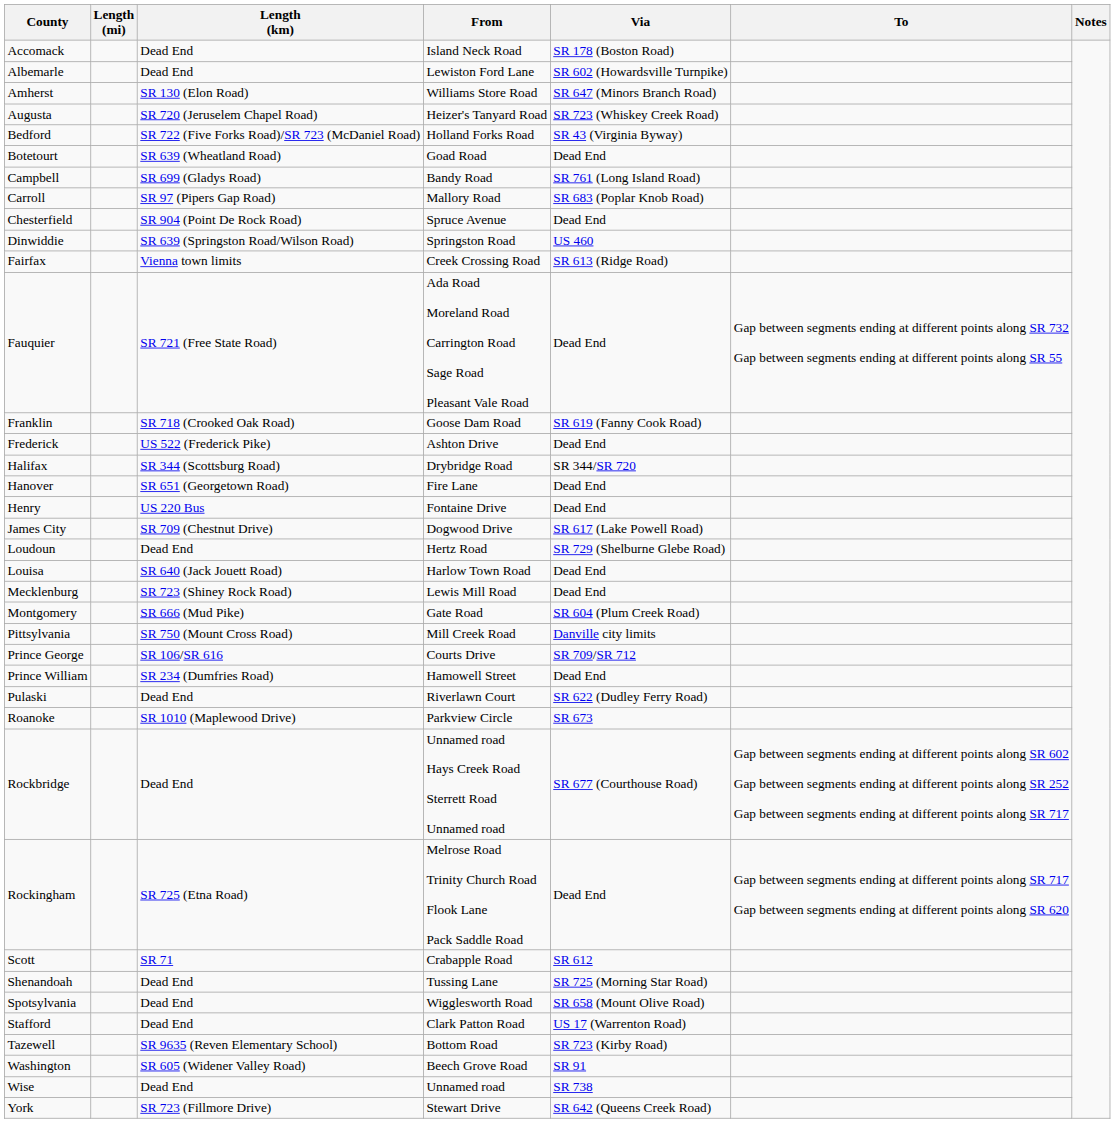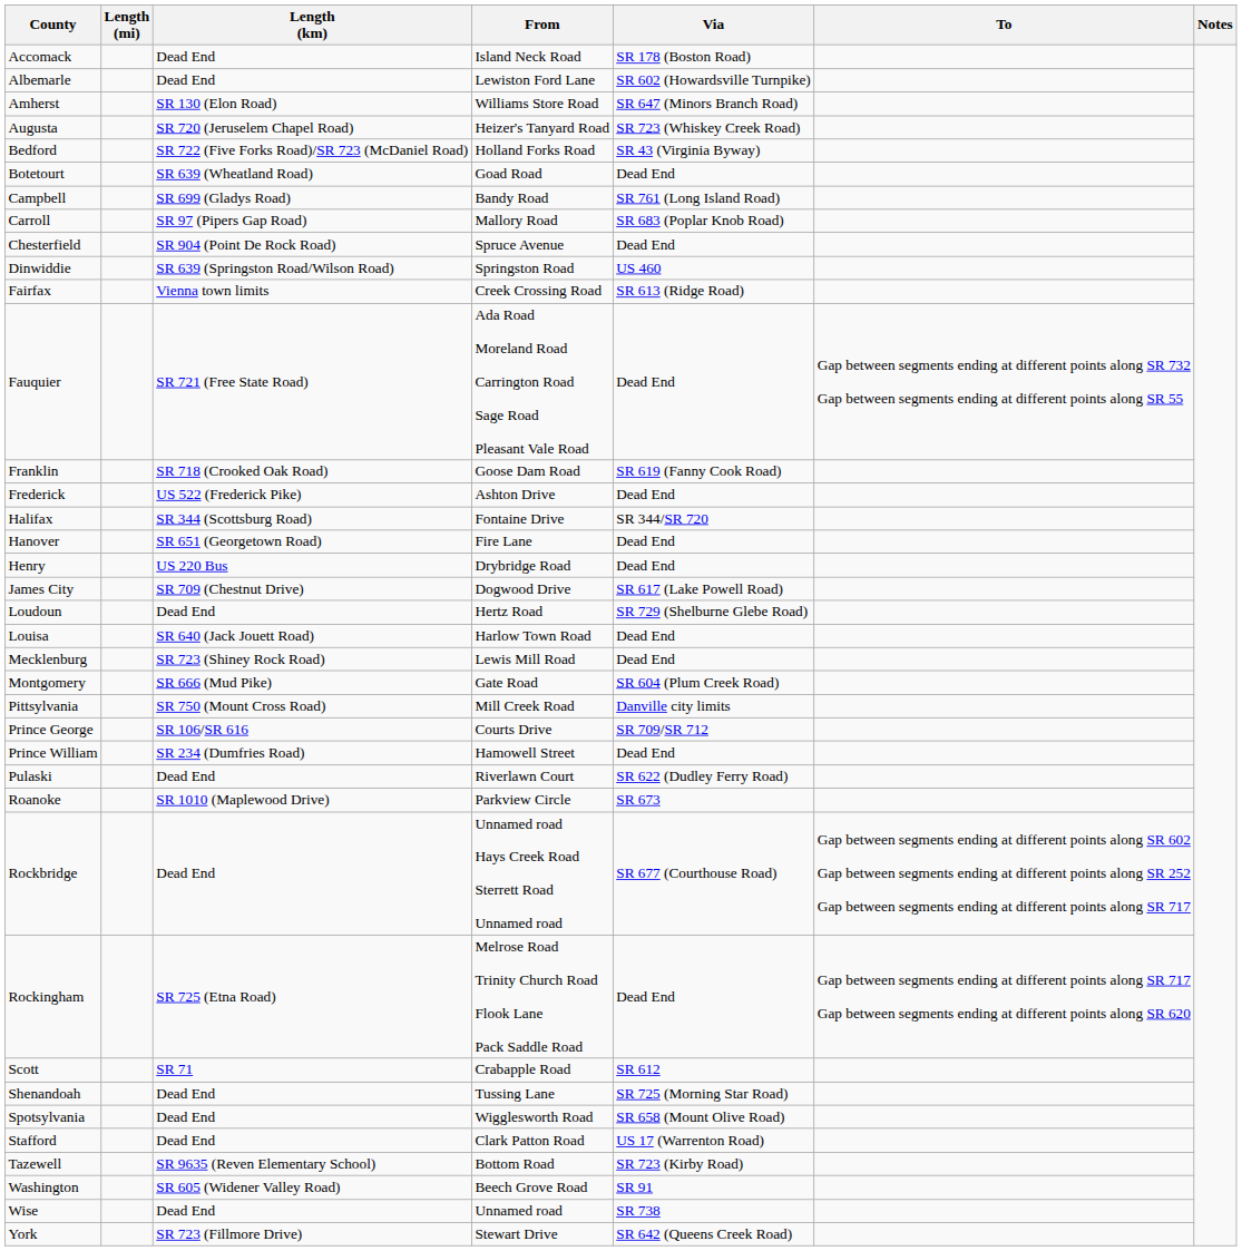 <table class="wikitable sortable">
 <tr>
 <th>County</th>
 <th>Length<br>(mi)</th>
 <th>Length<br>(km)</th>
 <th class="unsortable">From</th>
 <th class="unsortable">Via</th>
 <th class="unsortable">To</th>
 <th class="unsortable">Notes</th>
 </tr>
 <tr>
 <td id="Accomack">Accomack</td>
 <td></td>
 <td>Dead End</td>
 <td>Island Neck Road</td>
 <td><a href='#'>SR 178</a> (Boston Road)</td>
 <td></td>
 </tr>
 <tr>
 <td id="Albemarle">Albemarle</td>
 <td></td>
 <td>Dead End</td>
 <td>Lewiston Ford Lane</td>
 <td><a href='#'>SR 602</a> (Howardsville Turnpike)</td>
 <td><br> </td>
 </tr>
 <tr>
 <td id="Amherst">Amherst</td>
 <td></td>
 <td><a href='#'>SR 130</a> (Elon Road)</td>
 <td>Williams Store Road</td>
 <td><a href='#'>SR 647</a> (Minors Branch Road)</td>
 <td><br> </td>
 </tr>
 <tr>
 <td id="Augusta">Augusta</td>
 <td></td>
 <td><a href='#'>SR 720</a> (Jeruselem Chapel Road)</td>
 <td>Heizer's Tanyard Road</td>
 <td><a href='#'>SR 723</a> (Whiskey Creek Road)</td>
 <td><br></td>
 </tr>
 <tr>
 <td id="Bedford">Bedford</td>
 <td></td>
 <td><a href='#'>SR 722</a> (Five Forks Road)/<a href='#'>SR 723</a> (McDaniel Road)</td>
 <td>Holland Forks Road</td>
 <td><a href='#'>SR 43</a> (Virginia Byway)</td>
 <td><br></td>
 </tr>
 <tr>
 <td id="Botetourt">Botetourt</td>
 <td></td>
 <td><a href='#'>SR 639</a> (Wheatland Road)</td>
 <td>Goad Road</td>
 <td>Dead End</td>
 <td><br>  </td>
 </tr>
 <tr>
 <td id="Campbell">Campbell</td>
 <td></td>
 <td><a href='#'>SR 699</a> (Gladys Road)</td>
 <td>Bandy Road</td>
 <td><a href='#'>SR 761</a> (Long Island Road)</td>
 <td><br></td>
 </tr>
 <tr>
 <td id="Carroll">Carroll</td>
 <td></td>
 <td><a href='#'>SR 97</a> (Pipers Gap Road)</td>
 <td>Mallory Road</td>
 <td><a href='#'>SR 683</a> (Poplar Knob Road)</td>
 <td><br> </td>
 </tr>
 <tr>
 <td id="Chesterfield">Chesterfield</td>
 <td></td>
 <td><a href='#'>SR 904</a> (Point De Rock Road)</td>
 <td>Spruce Avenue</td>
 <td>Dead End</td>
 <td><br>    </td>
 </tr>
 <tr>
 <td id="Dinwiddie">Dinwiddie</td>
 <td></td>
 <td><a href='#'>SR 639</a> (Springston Road/Wilson Road)</td>
 <td>Springston Road</td>
 <td><a href='#'>US 460</a></td>
 <td><br></td>
 </tr>
 <tr>
 <td id="Fairfax">Fairfax</td>
 <td></td>
 <td><a href='#'>Vienna</a> town limits</td>
 <td>Creek Crossing Road</td>
 <td><a href='#'>SR 613</a> (Ridge Road)</td>
 <td></td>
 </tr>
 <tr>
 <td id="Fauquier">Fauquier</td>
 <td></td>
 <td><a href='#'>SR 721</a> (Free State Road)</td>
 <td>Ada Road<br><br>Moreland Road<br><br>Carrington Road<br><br>Sage Road<br><br>Pleasant Vale Road</td>
 <td>Dead End</td>
 <td>Gap between segments ending at different points along <a href='#'>SR 732</a><br><br>Gap between segments ending at different points along <a href='#'>SR 55</a><br> </td>
 </tr>
 <tr>
 <td id="Franklin">Franklin</td>
 <td></td>
 <td><a href='#'>SR 718</a> (Crooked Oak Road)</td>
 <td>Goose Dam Road</td>
 <td><a href='#'>SR 619</a> (Fanny Cook Road)</td>
 <td></td>
 </tr>
 <tr>
 <td id="Frederick">Frederick</td>
 <td></td>
 <td><a href='#'>US 522</a> (Frederick Pike)</td>
 <td>Ashton Drive</td>
 <td>Dead End</td>
 <td><br>     </td>
 </tr>
 <tr>
 <td id="Halifax">Halifax</td>
 <td></td>
 <td><a href='#'>SR 344</a> (Scottsburg Road)</td>
-<td>Drybridge Road</td>
+<td>Fontaine Drive</td>
 <td>SR 344/<a href='#'>SR 720</a></td>
 <td></td>
 </tr>
 <tr>
 <td id="Hanover">Hanover</td>
 <td></td>
 <td><a href='#'>SR 651</a> (Georgetown Road)</td>
 <td>Fire Lane</td>
 <td>Dead End</td>
 <td><br></td>
 </tr>
 <tr>
 <td id="Henry">Henry</td>
 <td></td>
 <td><a href='#'>US 220 Bus</a></td>
-<td>Fontaine Drive</td>
+<td>Drybridge Road</td>
 <td>Dead End</td>
 <td><br> </td>
 </tr>
 <tr>
 <td id="James City">James City</td>
 <td></td>
 <td><a href='#'>SR 709</a> (Chestnut Drive)</td>
 <td>Dogwood Drive</td>
 <td><a href='#'>SR 617</a> (Lake Powell Road)</td>
 <td><br>    </td>
 </tr>
 <tr>
 <td id="Loudoun">Loudoun</td>
 <td></td>
 <td>Dead End</td>
 <td>Hertz Road</td>
 <td><a href='#'>SR 729</a> (Shelburne Glebe Road)</td>
 <td></td>
 </tr>
 <tr>
 <td id="Louisa">Louisa</td>
 <td></td>
 <td><a href='#'>SR 640</a> (Jack Jouett Road)</td>
 <td>Harlow Town Road</td>
 <td>Dead End</td>
 <td><br>  </td>
 </tr>
 <tr>
 <td id="Mecklenburg">Mecklenburg</td>
 <td></td>
 <td><a href='#'>SR 723</a> (Shiney Rock Road)</td>
 <td>Lewis Mill Road</td>
 <td>Dead End</td>
 <td><br></td>
 </tr>
 <tr>
 <td id="Montgomery">Montgomery</td>
 <td></td>
 <td><a href='#'>SR 666</a> (Mud Pike)</td>
 <td>Gate Road</td>
 <td><a href='#'>SR 604</a> (Plum Creek Road)</td>
 <td><br>       </td>
 </tr>
 <tr>
 <td id="Pittsylvania">Pittsylvania</td>
 <td></td>
 <td><a href='#'>SR 750</a> (Mount Cross Road)</td>
 <td>Mill Creek Road</td>
 <td><a href='#'>Danville</a> city limits</td>
 <td><br> </td>
 </tr>
 <tr>
 <td id="Prince George">Prince George</td>
 <td></td>
 <td><a href='#'>SR 106</a>/<a href='#'>SR 616</a></td>
 <td>Courts Drive</td>
 <td><a href='#'>SR 709</a>/<a href='#'>SR 712</a></td>
 <td></td>
 </tr>
 <tr>
 <td id="Prince William">Prince William</td>
 <td></td>
 <td><a href='#'>SR 234</a> (Dumfries Road)</td>
 <td>Hamowell Street</td>
 <td>Dead End</td>
 <td></td>
 </tr>
 <tr>
 <td id="Pulaski">Pulaski</td>
 <td></td>
 <td>Dead End</td>
 <td>Riverlawn Court</td>
 <td><a href='#'>SR 622</a> (Dudley Ferry Road)</td>
 <td><br> </td>
 </tr>
 <tr>
 <td id="Roanoke">Roanoke</td>
 <td></td>
 <td><a href='#'>SR 1010</a> (Maplewood Drive)</td>
 <td>Parkview Circle</td>
 <td><a href='#'>SR 673</a></td>
 <td></td>
 </tr>
 <tr>
 <td id="Rockbridge">Rockbridge</td>
 <td></td>
 <td>Dead End</td>
 <td>Unnamed road<br><br>Hays Creek Road<br><br>Sterrett Road<br><br>Unnamed road</td>
 <td><a href='#'>SR 677</a> (Courthouse Road)</td>
 <td>Gap between segments ending at different points along <a href='#'>SR 602</a><br><br>Gap between segments ending at different points along <a href='#'>SR 252</a><br><br>Gap between segments ending at different points along <a href='#'>SR 717</a></td>
 </tr>
 <tr>
 <td id="Rockingham">Rockingham</td>
 <td></td>
 <td><a href='#'>SR 725</a> (Etna Road)</td>
 <td>Melrose Road<br><br>Trinity Church Road<br><br>Flook Lane<br><br>Pack Saddle Road</td>
 <td>Dead End</td>
 <td>Gap between segments ending at different points along <a href='#'>SR 717</a><br><br>Gap between segments ending at different points along <a href='#'>SR 620</a><br></td>
 </tr>
 <tr>
 <td id="Scott">Scott</td>
 <td></td>
 <td><a href='#'>SR 71</a></td>
 <td>Crabapple Road</td>
 <td><a href='#'>SR 612</a></td>
 <td></td>
 </tr>
 <tr>
 <td id="Shenandoah">Shenandoah</td>
 <td></td>
 <td>Dead End</td>
 <td>Tussing Lane</td>
 <td><a href='#'>SR 725</a> (Morning Star Road)</td>
 <td><br> </td>
 </tr>
 <tr>
 <td id="Spotsylvania">Spotsylvania</td>
 <td></td>
 <td>Dead End</td>
 <td>Wigglesworth Road</td>
 <td><a href='#'>SR 658</a> (Mount Olive Road)</td>
 <td></td>
 </tr>
 <tr>
 <td id="Stafford">Stafford</td>
 <td></td>
 <td>Dead End</td>
 <td>Clark Patton Road</td>
 <td><a href='#'>US 17</a> (Warrenton Road)</td>
 <td><br> </td>
 </tr>
 <tr>
 <td id="Tazewell">Tazewell</td>
 <td></td>
 <td><a href='#'>SR 9635</a> (Reven Elementary School)</td>
 <td>Bottom Road</td>
 <td><a href='#'>SR 723</a> (Kirby Road)</td>
 <td><br></td>
 </tr>
 <tr>
 <td id="Washington">Washington</td>
 <td></td>
 <td><a href='#'>SR 605</a> (Widener Valley Road)</td>
 <td>Beech Grove Road</td>
 <td><a href='#'>SR 91</a></td>
 <td><br></td>
 </tr>
 <tr>
 <td id="Wise">Wise</td>
 <td></td>
 <td>Dead End</td>
 <td>Unnamed road</td>
 <td><a href='#'>SR 738</a></td>
 <td><br></td>
 </tr>
 <tr>
 <td id="York">York</td>
 <td></td>
 <td><a href='#'>SR 723</a> (Fillmore Drive)</td>
 <td>Stewart Drive</td>
 <td><a href='#'>SR 642</a> (Queens Creek Road)</td>
 <td></td>
 </tr>
 </table>
